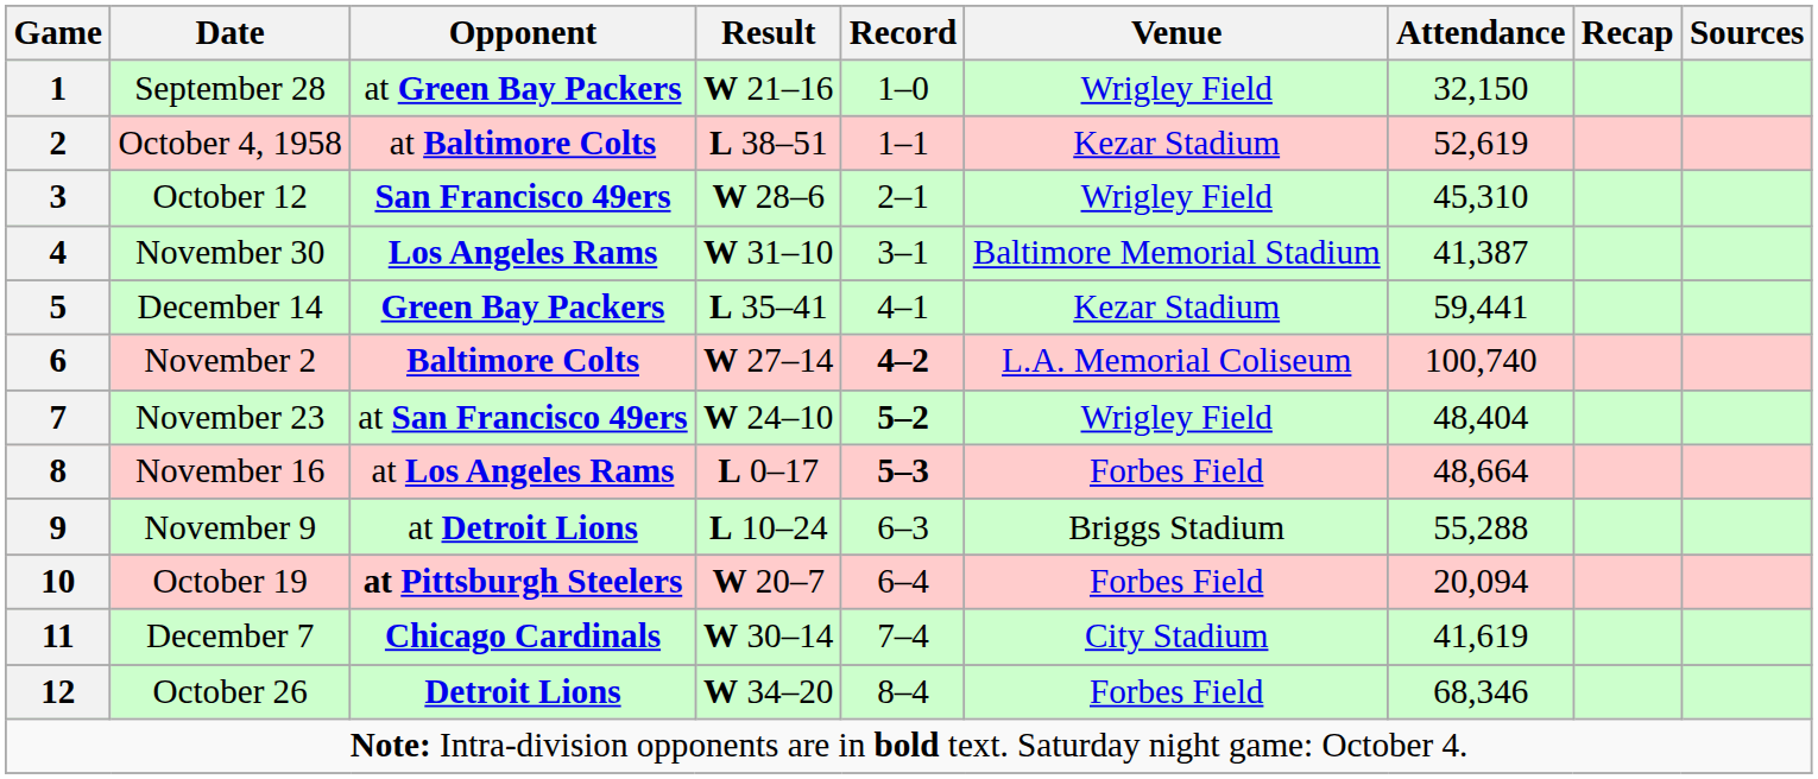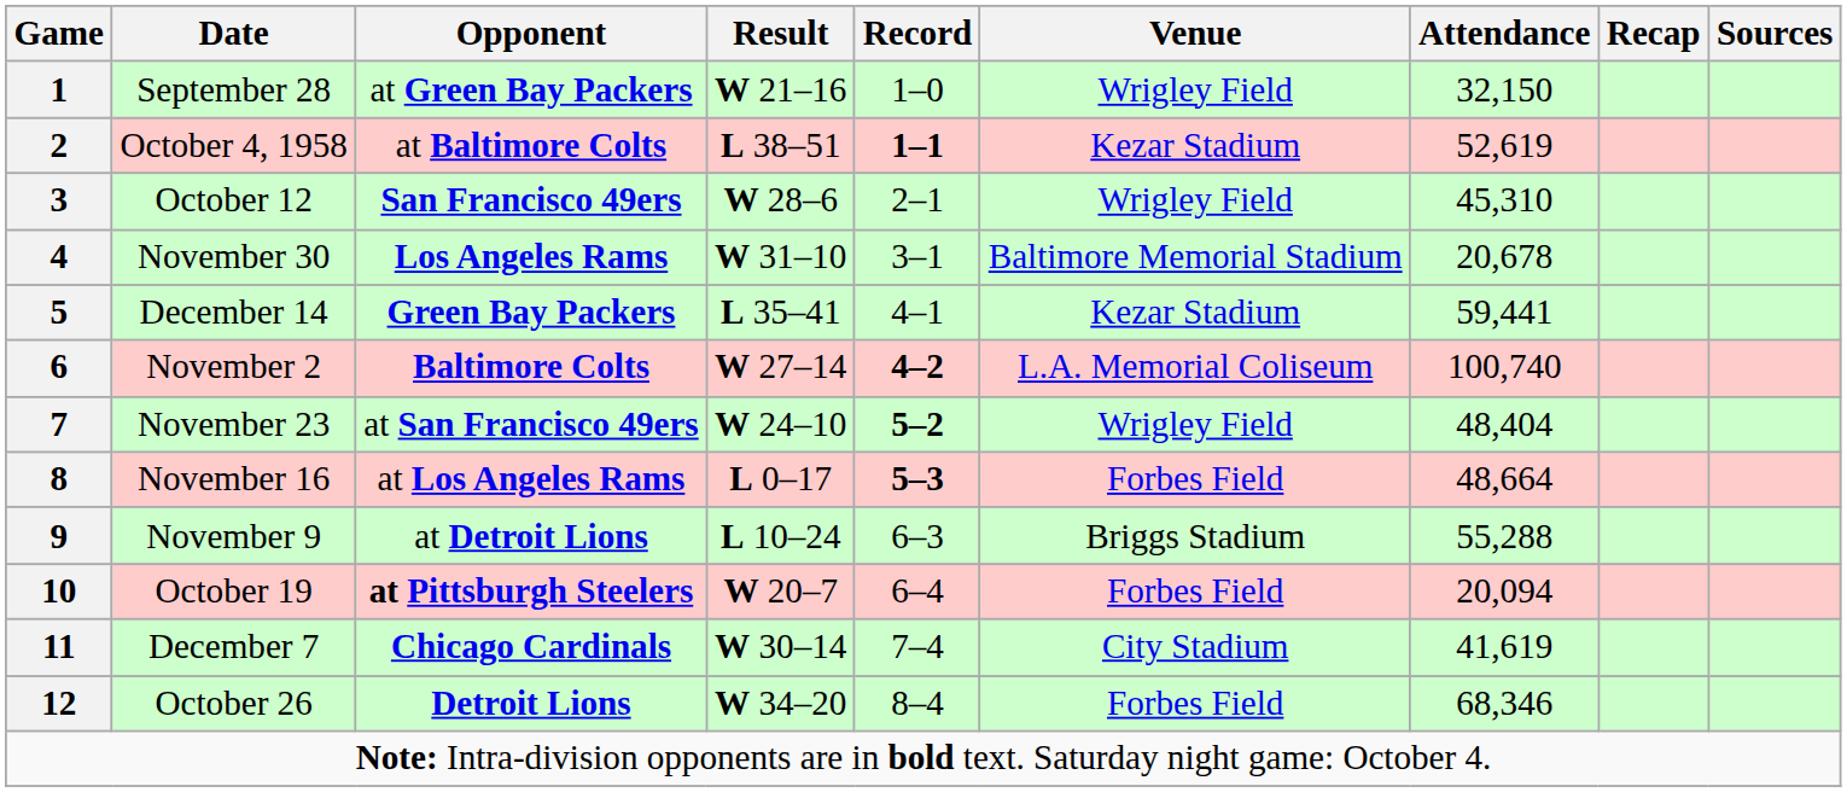 <table class="wikitable" style="text-align:center">
 <tr>
 <th>Game</th>
 <th>Date</th>
 <th>Opponent</th>
 <th>Result</th>
 <th>Record</th>
 <th>Venue</th>
 <th>Attendance</th>
 <th>Recap</th>
 <th>Sources</th>
 </tr>
 <tr style="background:#cfc">
 <th>1</th>
 <td>September 28</td>
 <td>at <strong><a href='#'>Green Bay Packers</a></strong></td>
 <td><strong>W</strong> 21–16</td>
 <td>1–0</td>
 <td><a href='#'>Wrigley Field</a></td>
 <td>32,150</td>
 <td></td>
 <td></td>
 </tr>
 <tr style="background:#fcc">
 <th>2</th>
 <td>October 4, 1958</td>
 <td>at <strong><a href='#'>Baltimore Colts</a></strong></td>
 <td><strong>L</strong> 38–51</td>
-<td>1–1</td>
+<td><strong>1–1</strong></td>
 <td><a href='#'>Kezar Stadium</a></td>
 <td>52,619</td>
 <td></td>
 <td></td>
 </tr>
 <tr style="background:#cfc">
 <th>3</th>
 <td>October 12</td>
 <td><strong><a href='#'>San Francisco 49ers</a></strong></td>
 <td><strong>W</strong> 28–6</td>
 <td>2–1</td>
 <td><a href='#'>Wrigley Field</a></td>
 <td>45,310</td>
 <td></td>
 <td></td>
 </tr>
 <tr style="background:#cfc">
 <th>4</th>
 <td>November 30</td>
 <td><strong><a href='#'>Los Angeles Rams</a></strong></td>
 <td><strong>W</strong> 31–10</td>
 <td>3–1</td>
 <td><a href='#'>Baltimore Memorial Stadium</a></td>
-<td>41,387</td>
+<td>20,678</td>
 <td></td>
 <td></td>
 </tr>
 <tr style="background:#cfc">
 <th>5</th>
 <td>December 14</td>
 <td><strong><a href='#'>Green Bay Packers</a></strong></td>
 <td><strong>L</strong> 35–41</td>
 <td>4–1</td>
 <td><a href='#'>Kezar Stadium</a></td>
 <td>59,441</td>
 <td></td>
 <td></td>
 </tr>
 <tr style="background:#fcc">
 <th>6</th>
 <td>November 2</td>
 <td><strong><a href='#'>Baltimore Colts</a></strong></td>
 <td><strong>W</strong> 27–14</td>
 <td><strong>4–2</strong></td>
 <td><a href='#'>L.A. Memorial Coliseum</a></td>
 <td>100,740</td>
 <td></td>
 <td></td>
 </tr>
 <tr style="background:#cfc">
 <th>7</th>
 <td>November 23</td>
 <td>at <strong><a href='#'>San Francisco 49ers</a></strong></td>
 <td><strong>W</strong> 24–10</td>
 <td><strong>5–2</strong></td>
 <td><a href='#'>Wrigley Field</a></td>
 <td>48,404</td>
 <td></td>
 <td></td>
 </tr>
 <tr style="background:#fcc">
 <th>8</th>
 <td>November 16</td>
 <td>at <strong><a href='#'>Los Angeles Rams</a></strong></td>
 <td><strong>L</strong> 0–17</td>
 <td><strong>5–3</strong></td>
 <td><a href='#'>Forbes Field</a></td>
 <td>48,664</td>
 <td></td>
 <td></td>
 </tr>
 <tr style="background:#cfc">
 <th>9</th>
 <td>November 9</td>
 <td>at <strong><a href='#'>Detroit Lions</a></strong></td>
 <td><strong>L</strong> 10–24</td>
 <td>6–3</td>
 <td>Briggs Stadium</td>
 <td>55,288</td>
 <td></td>
 <td></td>
 </tr>
 <tr style="background:#fcc">
 <th>10</th>
 <td>October 19</td>
 <td><strong>at <a href='#'>Pittsburgh Steelers</a></strong></td>
 <td><strong>W</strong> 20–7</td>
 <td>6–4</td>
 <td><a href='#'>Forbes Field</a></td>
 <td>20,094</td>
 <td></td>
 <td></td>
 </tr>
 <tr style="background:#cfc">
 <th>11</th>
 <td>December 7</td>
 <td><strong><a href='#'>Chicago Cardinals</a></strong></td>
 <td><strong>W</strong> 30–14</td>
 <td>7–4</td>
 <td><a href='#'>City Stadium</a></td>
 <td>41,619</td>
 <td></td>
 <td></td>
 </tr>
 <tr style="background:#cfc">
 <th>12</th>
 <td>October 26</td>
 <td><strong><a href='#'>Detroit Lions</a></strong></td>
 <td><strong>W</strong> 34–20</td>
 <td>8–4</td>
 <td><a href='#'>Forbes Field</a></td>
 <td>68,346</td>
 <td></td>
 <td></td>
 </tr>
 <tr>
 <td colspan="10"><strong>Note:</strong> Intra-division opponents are in <strong>bold</strong> text. Saturday night game: October 4.</td>
 </tr>
 </table>
